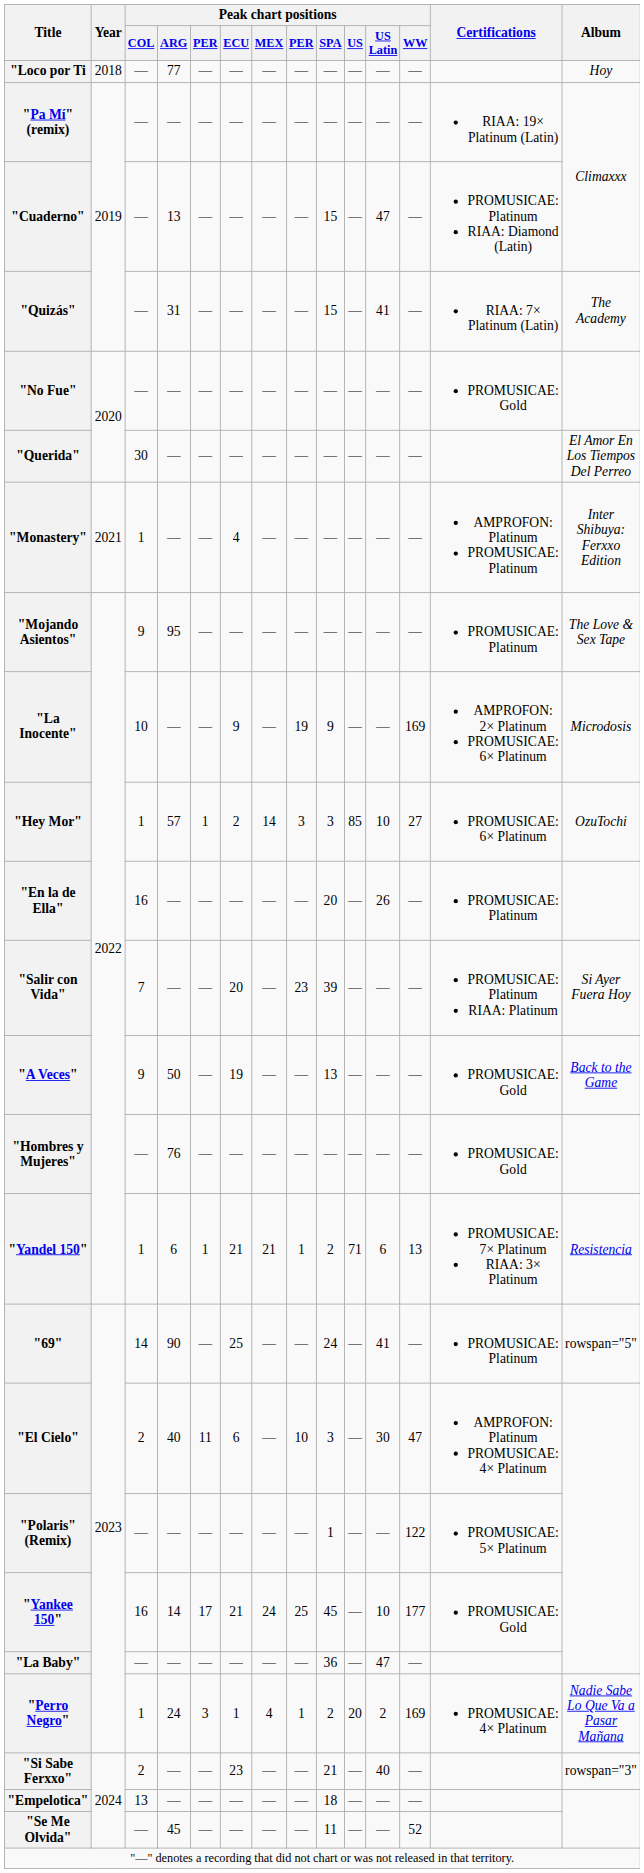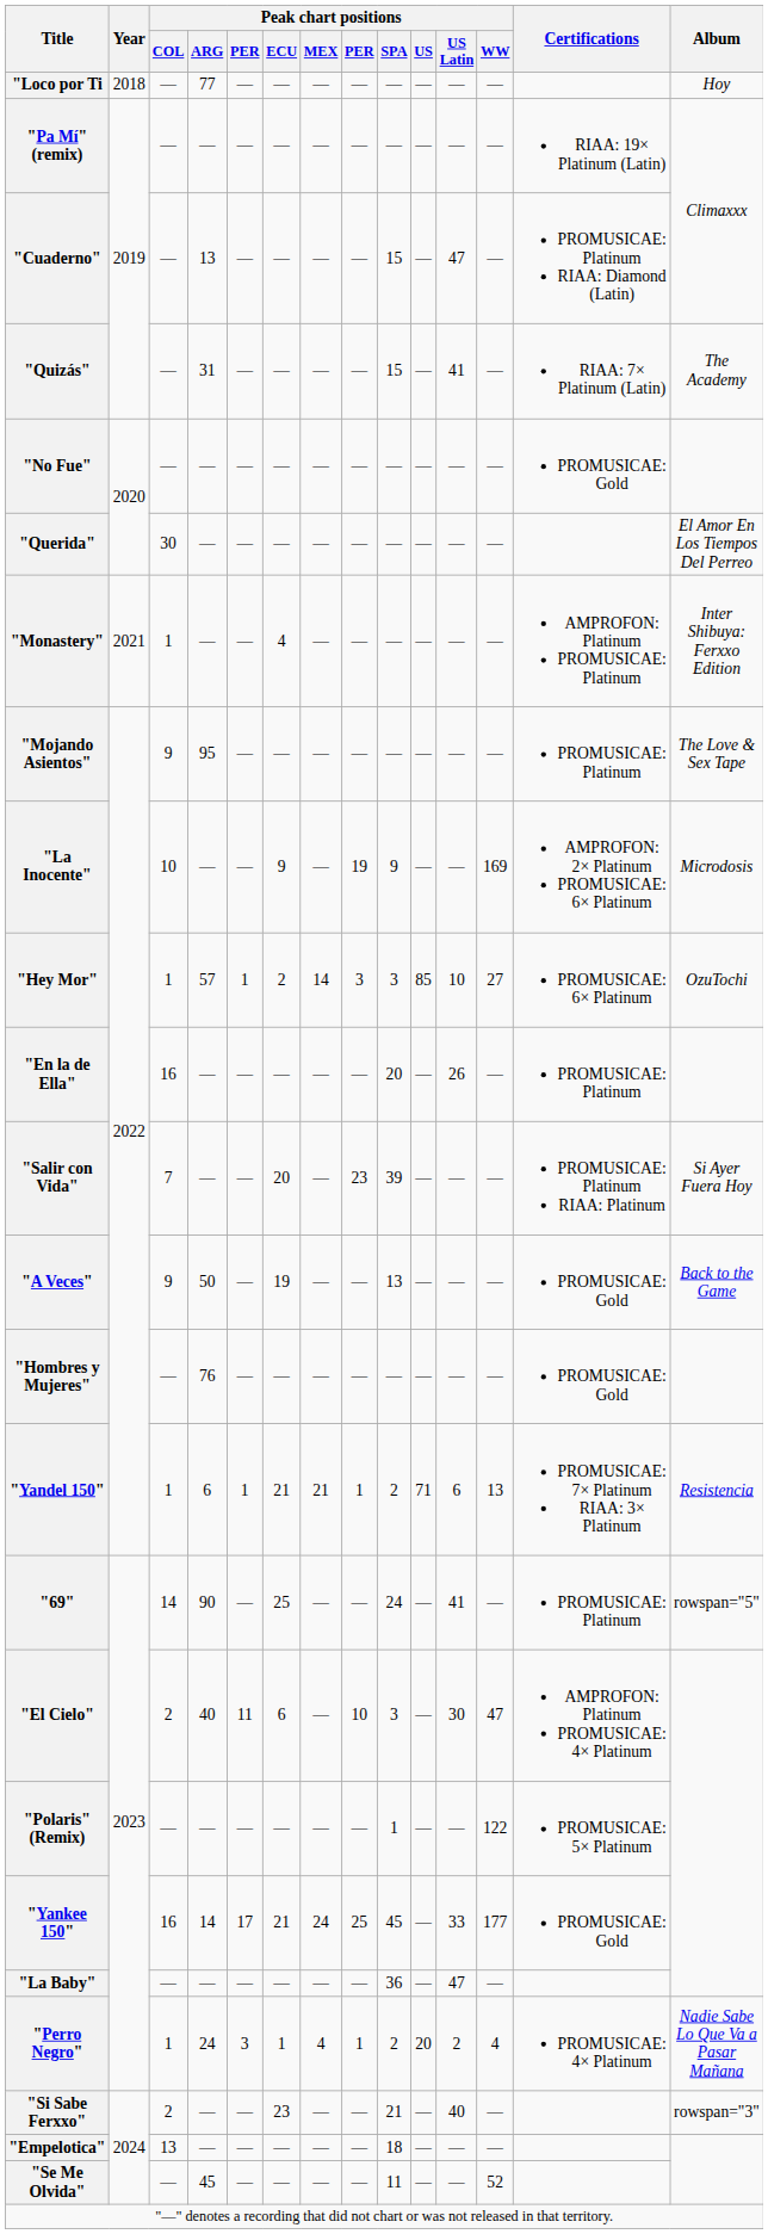 <table class="wikitable plainrowheaders" style="text-align:center;">
 <tr>
 <th scope="col" rowspan="2" style="width:15.5em;">Title</th>
 <th scope="col" rowspan="2" style="width:1em;">Year</th>
 <th scope="col" colspan="10">Peak chart positions</th>
 <th scope="col" rowspan="2" style="width:14em;"><a href='#'>Certifications</a></th>
 <th scope="col" rowspan="2" style="width:9.5em;">Album</th>
 </tr>
 <tr>
 <th scope="col" style="width:2.5em;font-size:90%;"><a href='#'>COL</a><br></th>
 <th scope="col" style="width:2.5em;font-size:90%;"><a href='#'>ARG</a><br></th>
 <th scope="col" style="width:2.5em;font-size:90%;"><a href='#'>PER</a><br></th>
 <th scope="col" style="width:2.5em;font-size:90%;"><a href='#'>ECU</a><br></th>
 <th scope="col" style="width:2.5em;font-size:90%;"><a href='#'>MEX</a><br></th>
 <th scope="col" style="width:2.5em;font-size:90%;"><a href='#'>PER</a><br></th>
 <th scope="col" style="width:2.5em;font-size:90%;"><a href='#'>SPA</a><br></th>
 <th scope="col" style="width:2.5em;font-size:90%;"><a href='#'>US</a><br></th>
 <th scope="col" style="width:2.5em;font-size:90%;"><a href='#'>US<br>Latin</a><br></th>
 <th scope="col" style="width:2.5em;font-size:90%;"><a href='#'>WW</a><br></th>
 </tr>
 <tr>
 <th scope="row">"Loco por Ti<br></th>
 <td>2018</td>
 <td>—</td>
 <td>77</td>
 <td>—</td>
 <td>—</td>
 <td>—</td>
 <td>—</td>
 <td>—</td>
 <td>—</td>
 <td>—</td>
 <td>—</td>
 <td></td>
 <td><em>Hoy</em></td>
 </tr>
 <tr>
 <th scope="row">"<a href='#'>Pa Mí</a>" (remix)<br></th>
 <td rowspan=3>2019</td>
 <td>—</td>
 <td>—</td>
 <td>—</td>
 <td>—</td>
 <td>—</td>
 <td>—</td>
 <td>—</td>
 <td>—</td>
 <td>—</td>
 <td>—</td>
 <td><br><ul><li>RIAA: 19× Platinum (Latin)</li></ul></td>
 <td rowspan=2><em>Climaxxx</em></td>
 </tr>
 <tr>
 <th scope="row">"Cuaderno"<br></th>
 <td>—</td>
 <td>13</td>
 <td>—</td>
 <td>—</td>
 <td>—</td>
 <td>—</td>
 <td>15</td>
 <td>—</td>
 <td>47</td>
 <td>—</td>
 <td><br><ul><li>PROMUSICAE: Platinum</li><li>RIAA: Diamond (Latin)</li></ul></td>
 </tr>
 <tr>
 <th scope="row">"Quizás"<br></th>
 <td>—</td>
 <td>31</td>
 <td>—</td>
 <td>—</td>
 <td>—</td>
 <td>—</td>
 <td>15</td>
 <td>—</td>
 <td>41</td>
 <td>—</td>
 <td><br><ul><li>RIAA: 7× Platinum (Latin)</li></ul></td>
 <td><em>The Academy</em></td>
 </tr>
 <tr>
 <th scope="row">"No Fue"<br></th>
 <td rowspan="2">2020</td>
 <td>—</td>
 <td>—</td>
 <td>—</td>
 <td>—</td>
 <td>—</td>
 <td>—</td>
 <td>—</td>
 <td>—</td>
 <td>—</td>
 <td>—</td>
 <td><br><ul><li>PROMUSICAE: Gold</li></ul></td>
 <td></td>
 </tr>
 <tr>
 <th scope="row">"Querida"<br></th>
 <td>30</td>
 <td>—</td>
 <td>—</td>
 <td>—</td>
 <td>—</td>
 <td>—</td>
 <td>—</td>
 <td>—</td>
 <td>—</td>
 <td>—</td>
 <td></td>
 <td><em>El Amor En Los Tiempos Del Perreo</em></td>
 </tr>
 <tr>
 <th scope="row">"Monastery"<br></th>
 <td>2021</td>
 <td>1</td>
 <td>—</td>
 <td>—</td>
 <td>4</td>
 <td>—</td>
 <td>—</td>
 <td>—</td>
 <td>—</td>
 <td>—</td>
 <td>—</td>
 <td><br><ul><li>AMPROFON: Platinum</li><li>PROMUSICAE: Platinum</li></ul></td>
 <td><em>Inter Shibuya: Ferxxo Edition</em></td>
 </tr>
 <tr>
 <th scope="row">"Mojando Asientos"<br></th>
 <td rowspan="8">2022</td>
 <td>9</td>
 <td>95</td>
 <td>—</td>
 <td>—</td>
 <td>—</td>
 <td>—</td>
 <td>—</td>
 <td>—</td>
 <td>—</td>
 <td>—</td>
 <td><br><ul><li>PROMUSICAE: Platinum</li></ul></td>
 <td><em>The Love & Sex Tape</em></td>
 </tr>
 <tr>
 <th scope="row">"La Inocente"<br></th>
 <td>10</td>
 <td>—</td>
 <td>—</td>
 <td>9</td>
 <td>—</td>
 <td>19</td>
 <td>9</td>
 <td>—</td>
 <td>—</td>
 <td>169</td>
 <td><br><ul><li>AMPROFON: 2× Platinum</li><li>PROMUSICAE: 6× Platinum</li></ul></td>
 <td><em>Microdosis</em></td>
 </tr>
 <tr>
 <th scope="row">"Hey Mor"<br></th>
 <td>1</td>
 <td>57</td>
 <td>1</td>
 <td>2</td>
 <td>14</td>
 <td>3</td>
 <td>3</td>
 <td>85</td>
 <td>10</td>
 <td>27</td>
 <td><br><ul><li>PROMUSICAE: 6× Platinum</li></ul></td>
 <td><em>OzuTochi</em></td>
 </tr>
 <tr>
 <th scope="row">"En la de Ella"<br></th>
 <td>16</td>
 <td>—</td>
 <td>—</td>
 <td>—</td>
 <td>—</td>
 <td>—</td>
 <td>20</td>
 <td>—</td>
 <td>26</td>
 <td>—</td>
 <td><br><ul><li>PROMUSICAE: Platinum</li></ul></td>
 <td></td>
 </tr>
 <tr>
 <th scope="row">"Salir con Vida"<br></th>
 <td>7</td>
 <td>—</td>
 <td>—</td>
 <td>20</td>
 <td>—</td>
 <td>23</td>
 <td>39</td>
 <td>—</td>
 <td>—</td>
 <td>—</td>
 <td><br><ul><li>PROMUSICAE: Platinum</li><li>RIAA: Platinum </li></ul></td>
 <td><em>Si Ayer Fuera Hoy</em></td>
 </tr>
 <tr>
 <th scope="row">"<a href='#'>A Veces</a>"<br></th>
 <td>9</td>
 <td>50</td>
 <td>—</td>
 <td>19</td>
 <td>—</td>
 <td>—</td>
 <td>13</td>
 <td>—</td>
 <td>—</td>
 <td>—</td>
 <td><br><ul><li>PROMUSICAE: Gold</li></ul></td>
 <td><em><a href='#'>Back to the Game</a></em></td>
 </tr>
 <tr>
 <th scope="row">"Hombres y Mujeres"<br></th>
 <td>—</td>
 <td>76</td>
 <td>—</td>
 <td>—</td>
 <td>—</td>
 <td>—</td>
 <td>—</td>
 <td>—</td>
 <td>—</td>
 <td>—</td>
 <td><br><ul><li>PROMUSICAE: Gold</li></ul></td>
 <td></td>
 </tr>
 <tr>
 <th scope="row">"<a href='#'>Yandel 150</a>"<br></th>
 <td>1</td>
 <td>6</td>
 <td>1</td>
 <td>21</td>
 <td>21</td>
 <td>1</td>
 <td>2</td>
 <td>71</td>
 <td>6</td>
 <td>13</td>
 <td><br><ul><li>PROMUSICAE: 7× Platinum</li><li>RIAA: 3× Platinum </li></ul></td>
 <td><em><a href='#'>Resistencia</a></em></td>
 </tr>
 <tr>
 <th scope="row">"69"<br></th>
 <td rowspan="6">2023</td>
 <td>14</td>
 <td>90</td>
 <td>—</td>
 <td>25</td>
 <td>—</td>
 <td>—</td>
 <td>24</td>
 <td>—</td>
 <td>41</td>
 <td>—</td>
 <td><br><ul><li>PROMUSICAE: Platinum</li></ul></td>
 <td>rowspan="5" </td>
 </tr>
 <tr>
 <th scope="row">"El Cielo"<br></th>
 <td>2</td>
 <td>40</td>
 <td>11</td>
 <td>6</td>
 <td>—</td>
 <td>10</td>
 <td>3</td>
 <td>—</td>
 <td>30</td>
 <td>47</td>
 <td><br><ul><li>AMPROFON: Platinum</li><li>PROMUSICAE: 4× Platinum</li></ul></td>
 </tr>
 <tr>
 <th scope="row">"Polaris" (Remix)<br></th>
 <td>—</td>
 <td>—</td>
 <td>—</td>
 <td>—</td>
 <td>—</td>
 <td>—</td>
 <td>1</td>
 <td>—</td>
 <td>—</td>
 <td>122</td>
 <td><br><ul><li>PROMUSICAE: 5× Platinum</li></ul></td>
 </tr>
 <tr>
 <th scope="row">"<a href='#'>Yankee 150</a>"<br></th>
 <td>16</td>
 <td>14</td>
 <td>17</td>
 <td>21</td>
 <td>24</td>
 <td>25</td>
 <td>45</td>
 <td>—</td>
-<td>10</td>
+<td>33</td>
 <td>177</td>
 <td><br><ul><li>PROMUSICAE: Gold</li></ul></td>
 </tr>
 <tr>
 <th scope="row">"La Baby"<br></th>
 <td>—</td>
 <td>—</td>
 <td>—</td>
 <td>—</td>
 <td>—</td>
 <td>—</td>
 <td>36</td>
 <td>—</td>
 <td>47</td>
 <td>—</td>
 <td></td>
 </tr>
 <tr>
 <th scope="row">"<a href='#'>Perro Negro</a>" <br></th>
 <td>1</td>
 <td>24</td>
 <td>3</td>
 <td>1</td>
 <td>4</td>
 <td>1</td>
 <td>2</td>
 <td>20</td>
 <td>2</td>
-<td>169</td>
+<td>4</td>
 <td><br><ul><li>PROMUSICAE: 4× Platinum</li></ul></td>
 <td><em><a href='#'>Nadie Sabe Lo Que Va a Pasar Mañana</a></em></td>
 </tr>
 <tr>
 <th scope="row">"Si Sabe Ferxxo"<br></th>
 <td rowspan="3">2024</td>
 <td>2</td>
 <td>—</td>
 <td>—</td>
 <td>23</td>
 <td>—</td>
 <td>—</td>
 <td>21</td>
 <td>—</td>
 <td>40</td>
 <td>—</td>
 <td></td>
 <td>rowspan="3" </td>
 </tr>
 <tr>
 <th scope="row">"Empelotica"<br></th>
 <td>13</td>
 <td>—</td>
 <td>—</td>
 <td>—</td>
 <td>—</td>
 <td>—</td>
 <td>18</td>
 <td>—</td>
 <td>—</td>
 <td>—</td>
 <td></td>
 </tr>
 <tr>
 <th scope="row">"Se Me Olvida"<br></th>
 <td>—</td>
 <td>45</td>
 <td>—</td>
 <td>—</td>
 <td>—</td>
 <td>—</td>
 <td>11</td>
 <td>—</td>
 <td>—</td>
 <td>52</td>
 <td></td>
 </tr>
 <tr>
 <td colspan="15" style="font-size:90%">"—" denotes a recording that did not chart or was not released in that territory.</td>
 </tr>
 </table>
